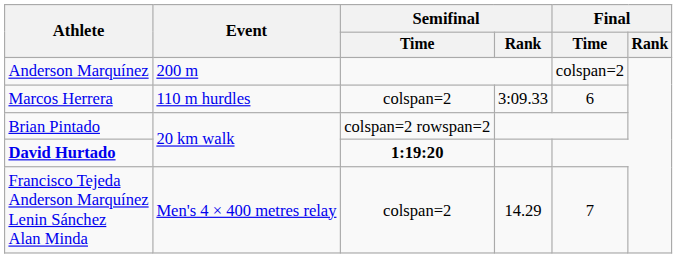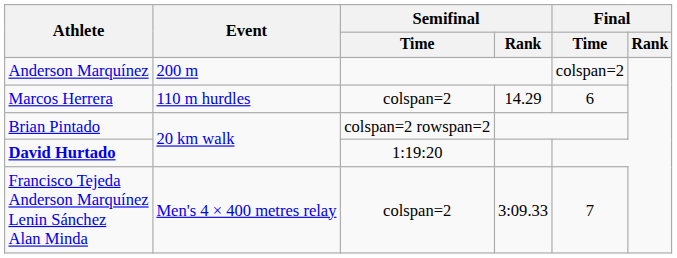 <table class=wikitable style=font-size:90%;text-align:center>
 <tr>
 <th rowspan=2>Athlete</th>
 <th rowspan=2>Event</th>
 <th colspan=2>Semifinal</th>
 <th colspan=2>Final</th>
 </tr>
 <tr style=font-size:95%>
 <th>Time</th>
 <th>Rank</th>
 <th>Time</th>
 <th>Rank</th>
 </tr>
 <tr align=center>
 <td align=left><a href='#'>Anderson Marquínez</a></td>
 <td align=left><a href='#'>200 m</a></td>
 <td colspan=2></td>
 <td>colspan=2 </td>
 </tr>
 <tr align=center>
 <td align=left><a href='#'>Marcos Herrera</a></td>
 <td align=left><a href='#'>110 m hurdles</a></td>
 <td>colspan=2 </td>
-<td>3:09.33</td>
+<td>14.29</td>
 <td>6</td>
 </tr>
 <tr align=center>
 <td align=left><a href='#'>Brian Pintado</a></td>
 <td align=left rowspan=2><a href='#'>20 km walk</a></td>
 <td>colspan=2 rowspan=2 </td>
 <td colspan=2></td>
 </tr>
 <tr align=center>
 <td align=left><strong><a href='#'>David Hurtado</a></strong></td>
-<td><strong>1:19:20</strong></td>
+<td>1:19:20</td>
 <td></td>
 </tr>
 <tr align=center>
 <td align=left><a href='#'>Francisco Tejeda</a><br><a href='#'>Anderson Marquínez</a><br><a href='#'>Lenin Sánchez</a><br><a href='#'>Alan Minda</a></td>
 <td align=left><a href='#'>Men's 4 × 400 metres relay</a></td>
 <td>colspan=2 </td>
-<td>14.29</td>
+<td>3:09.33</td>
 <td>7</td>
 </tr>
 </table>
